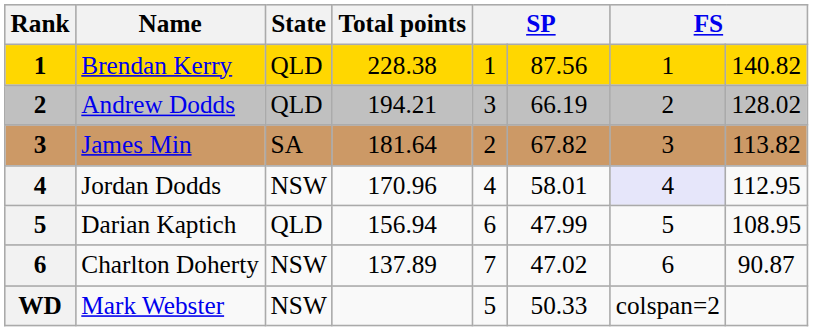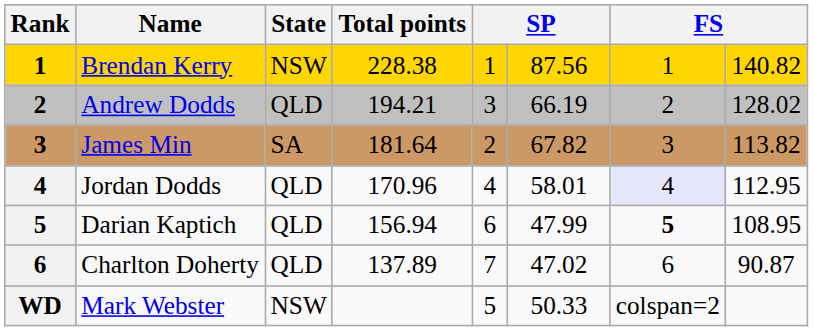 <table class="wikitable sortable">
 <tr>
 <th>Rank</th>
 <th>Name</th>
 <th>State</th>
 <th>Total points</th>
 <th colspan="2" width="80px"><a href='#'>SP</a></th>
 <th colspan="2" width="80px"><a href='#'>FS</a></th>
 </tr>
 <tr bgcolor="gold">
 <td align="center"><strong>1</strong></td>
 <td><a href='#'>Brendan Kerry</a></td>
-<td>QLD</td>
+<td>NSW</td>
 <td align="center">228.38</td>
 <td align="center">1</td>
 <td align="center">87.56</td>
 <td align="center">1</td>
 <td align="center">140.82</td>
 </tr>
 <tr bgcolor="silver">
 <td align="center"><strong>2</strong></td>
 <td><a href='#'>Andrew Dodds</a></td>
 <td>QLD</td>
 <td align="center">194.21</td>
 <td align="center">3</td>
 <td align="center">66.19</td>
 <td align="center">2</td>
 <td align="center">128.02</td>
 </tr>
 <tr bgcolor="cc9966">
 <td align="center"><strong>3</strong></td>
 <td><a href='#'>James Min</a></td>
 <td>SA</td>
 <td align="center">181.64</td>
 <td align="center">2</td>
 <td align="center">67.82</td>
 <td align="center">3</td>
 <td align="center">113.82</td>
 </tr>
 <tr>
 <th>4</th>
 <td>Jordan Dodds</td>
-<td>NSW</td>
+<td>QLD</td>
 <td align="center">170.96</td>
 <td align="center">4</td>
 <td align="center">58.01</td>
 <td align="center" style="background: lavender;">4</td>
 <td align="center">112.95</td>
 </tr>
 <tr>
 <th>5</th>
 <td>Darian Kaptich</td>
 <td>QLD</td>
 <td align="center">156.94</td>
 <td align="center">6</td>
 <td align="center">47.99</td>
-<td align="center">5</td>
+<td align="center"><strong>5</strong></td>
 <td align="center">108.95</td>
 </tr>
 <tr>
 <th>6</th>
 <td>Charlton Doherty</td>
-<td>NSW</td>
+<td>QLD</td>
 <td align="center">137.89</td>
 <td align="center">7</td>
 <td align="center">47.02</td>
 <td align="center">6</td>
 <td align="center">90.87</td>
 </tr>
 <tr>
 <th>WD</th>
 <td><a href='#'>Mark Webster</a></td>
 <td>NSW</td>
 <td></td>
 <td align="center">5</td>
 <td align="center">50.33</td>
 <td>colspan=2 </td>
 </tr>
 </table>
